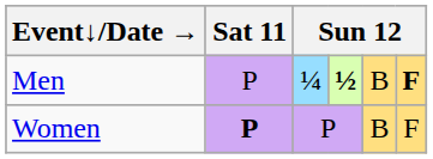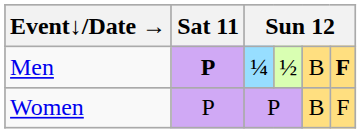 <table class="wikitable" style="margin:0.5em auto; font-size:90%; line-height:1.25em;">
 <tr style="text-align:center;">
 <th>Event↓/Date →</th>
 <th>Sat 11</th>
 <th colspan=4>Sun 12</th>
 </tr>
 <tr style="text-align:center;">
 <td style="text-align:left;"><a href='#'>Men</a></td>
-<td style="background-color:#D0A9F5;">P</td>
+<td style="background-color:#D0A9F5;"><strong>P</strong></td>
 <td style="background-color:#97DEFF;">¼</td>
-<td style="background-color:#D9FFB2;"><strong>½</strong></td>
+<td style="background-color:#D9FFB2;">½</td>
 <td style="background-color:#FFDF80;">B</td>
 <td style="background-color:#FFDF80;"><strong>F</strong></td>
 </tr>
 <tr style="text-align:center;">
 <td style="text-align:left;"><a href='#'>Women</a></td>
-<td style="background-color:#D0A9F5;"><strong>P</strong></td>
+<td style="background-color:#D0A9F5;">P</td>
 <td colspan=2 style="background-color:#D0A9F5;">P</td>
 <td style="background-color:#FFDF80;">B</td>
 <td style="background-color:#FFDF80;">F</td>
 </tr>
 </table>
